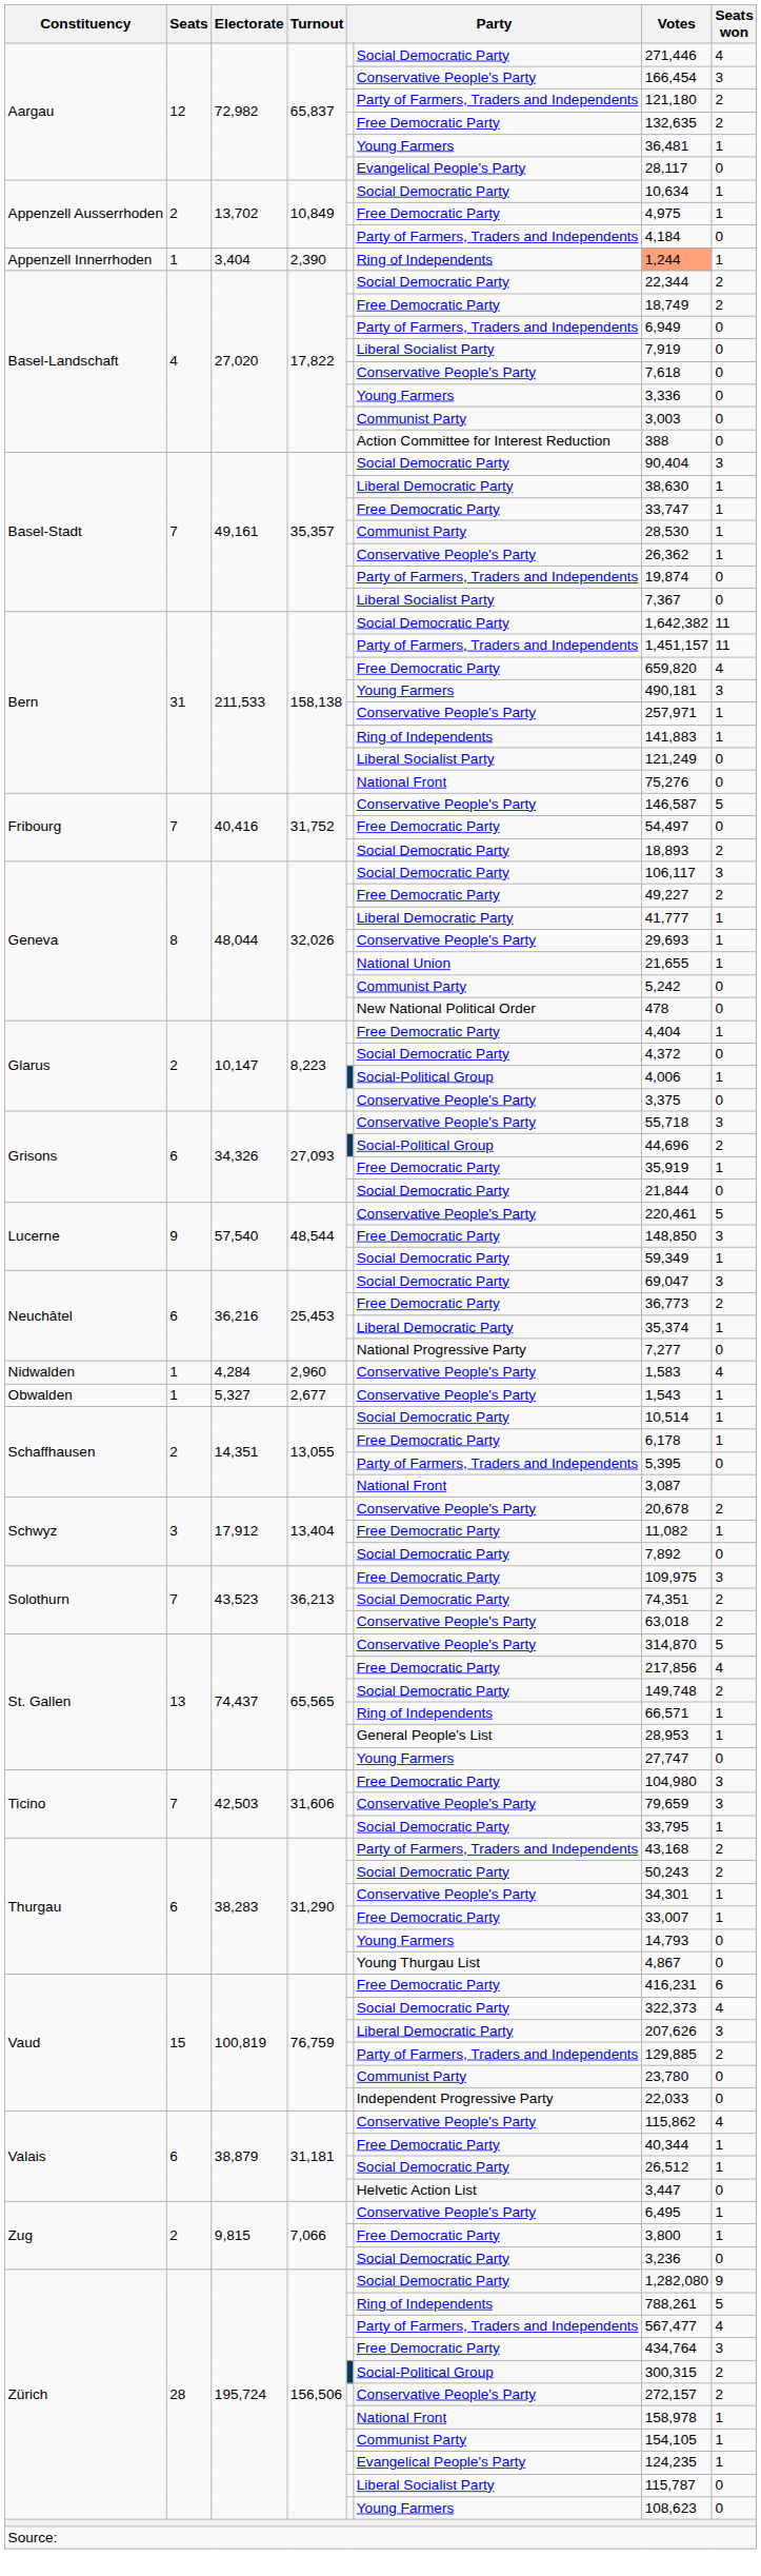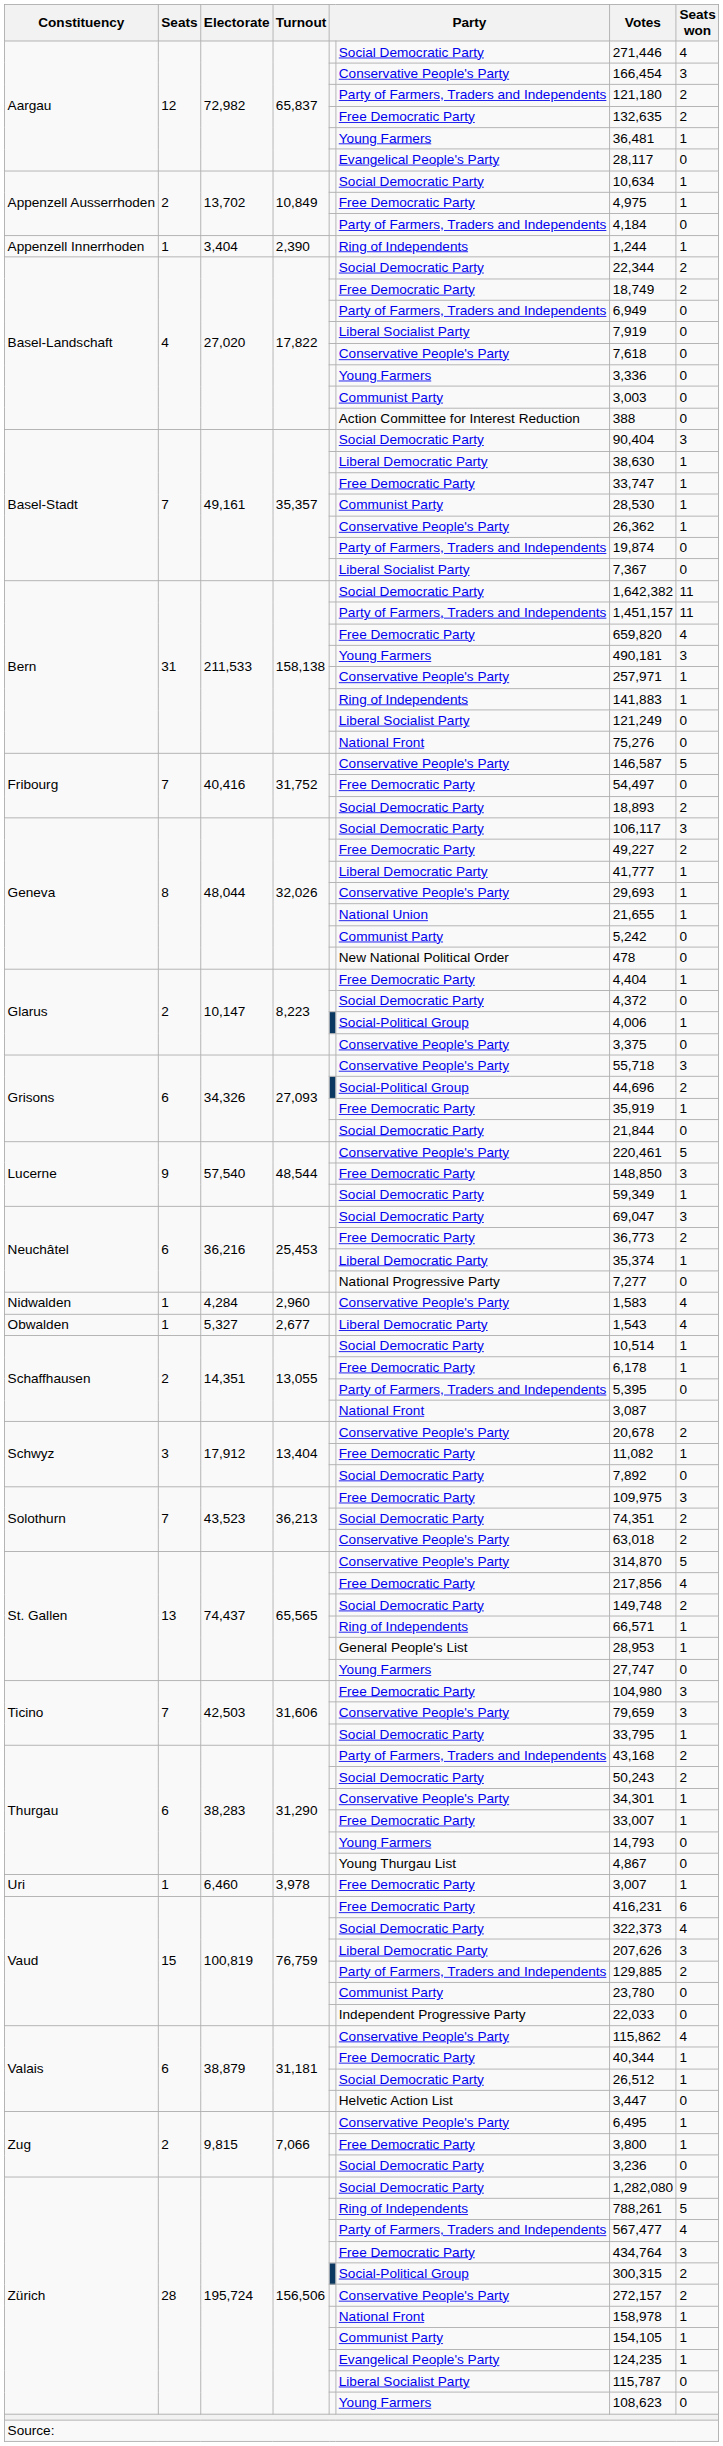 <table class="wikitable">
 <tr>
 <th>Constituency</th>
 <th>Seats</th>
 <th>Electorate</th>
 <th>Turnout</th>
 <th colspan="2">Party</th>
 <th>Votes</th>
 <th>Seats<br>won</th>
 </tr>
 <tr>
 <td rowspan="6">Aargau</td>
 <td rowspan="6">12</td>
 <td rowspan="6">72,982</td>
 <td rowspan="6">65,837</td>
 <td style="color:inherit;background:"></td>
 <td><a href='#'>Social Democratic Party</a></td>
 <td>271,446</td>
 <td>4</td>
 </tr>
 <tr>
 <td style="color:inherit;background:"></td>
 <td><a href='#'>Conservative People's Party</a></td>
 <td>166,454</td>
 <td>3</td>
 </tr>
 <tr>
 <td style="color:inherit;background:"></td>
 <td><a href='#'>Party of Farmers, Traders and Independents</a></td>
 <td>121,180</td>
 <td>2</td>
 </tr>
 <tr>
 <td style="color:inherit;background:"></td>
 <td><a href='#'>Free Democratic Party</a></td>
 <td>132,635</td>
 <td>2</td>
 </tr>
 <tr>
 <td style="color:inherit;background:"></td>
 <td><a href='#'>Young Farmers</a></td>
 <td>36,481</td>
 <td>1</td>
 </tr>
 <tr>
 <td style="color:inherit;background:"></td>
 <td><a href='#'>Evangelical People's Party</a></td>
 <td>28,117</td>
 <td>0</td>
 </tr>
 <tr>
 <td rowspan="3">Appenzell Ausserrhoden</td>
 <td rowspan="3">2</td>
 <td rowspan="3">13,702</td>
 <td rowspan="3">10,849</td>
 <td style="color:inherit;background:"></td>
 <td><a href='#'>Social Democratic Party</a></td>
 <td>10,634</td>
 <td>1</td>
 </tr>
 <tr>
 <td style="color:inherit;background:"></td>
 <td><a href='#'>Free Democratic Party</a></td>
 <td>4,975</td>
 <td>1</td>
 </tr>
 <tr>
 <td style="color:inherit;background:"></td>
 <td><a href='#'>Party of Farmers, Traders and Independents</a></td>
 <td>4,184</td>
 <td>0</td>
 </tr>
 <tr>
 <td>Appenzell Innerrhoden</td>
 <td>1</td>
 <td>3,404</td>
 <td>2,390</td>
 <td style="color:inherit;background:"></td>
 <td><a href='#'>Ring of Independents</a></td>
-<td style="background: lightsalmon;">1,244</td>
+<td>1,244</td>
 <td>1</td>
 </tr>
 <tr>
 <td rowspan="8">Basel-Landschaft</td>
 <td rowspan="8">4</td>
 <td rowspan="8">27,020</td>
 <td rowspan="8">17,822</td>
 <td style="color:inherit;background:"></td>
 <td><a href='#'>Social Democratic Party</a></td>
 <td>22,344</td>
 <td>2</td>
 </tr>
 <tr>
 <td style="color:inherit;background:"></td>
 <td><a href='#'>Free Democratic Party</a></td>
 <td>18,749</td>
 <td>2</td>
 </tr>
 <tr>
 <td style="color:inherit;background:"></td>
 <td><a href='#'>Party of Farmers, Traders and Independents</a></td>
 <td>6,949</td>
 <td>0</td>
 </tr>
 <tr>
 <td style="color:inherit;background:"></td>
 <td><a href='#'>Liberal Socialist Party</a></td>
 <td>7,919</td>
 <td>0</td>
 </tr>
 <tr>
 <td style="color:inherit;background:"></td>
 <td><a href='#'>Conservative People's Party</a></td>
 <td>7,618</td>
 <td>0</td>
 </tr>
 <tr>
 <td style="color:inherit;background:"></td>
 <td><a href='#'>Young Farmers</a></td>
 <td>3,336</td>
 <td>0</td>
 </tr>
 <tr>
 <td style="color:inherit;background:"></td>
 <td><a href='#'>Communist Party</a></td>
 <td>3,003</td>
 <td>0</td>
 </tr>
 <tr>
 <td style="color:inherit;background:"></td>
 <td>Action Committee for Interest Reduction</td>
 <td>388</td>
 <td>0</td>
 </tr>
 <tr>
 <td rowspan="7">Basel-Stadt</td>
 <td rowspan="7">7</td>
 <td rowspan="7">49,161</td>
 <td rowspan="7">35,357</td>
 <td style="color:inherit;background:"></td>
 <td><a href='#'>Social Democratic Party</a></td>
 <td>90,404</td>
 <td>3</td>
 </tr>
 <tr>
 <td style="color:inherit;background:"></td>
 <td><a href='#'>Liberal Democratic Party</a></td>
 <td>38,630</td>
 <td>1</td>
 </tr>
 <tr>
 <td style="color:inherit;background:"></td>
 <td><a href='#'>Free Democratic Party</a></td>
 <td>33,747</td>
 <td>1</td>
 </tr>
 <tr>
 <td style="color:inherit;background:"></td>
 <td><a href='#'>Communist Party</a></td>
 <td>28,530</td>
 <td>1</td>
 </tr>
 <tr>
 <td style="color:inherit;background:"></td>
 <td><a href='#'>Conservative People's Party</a></td>
 <td>26,362</td>
 <td>1</td>
 </tr>
 <tr>
 <td style="color:inherit;background:"></td>
 <td><a href='#'>Party of Farmers, Traders and Independents</a></td>
 <td>19,874</td>
 <td>0</td>
 </tr>
 <tr>
 <td style="color:inherit;background:"></td>
 <td><a href='#'>Liberal Socialist Party</a></td>
 <td>7,367</td>
 <td>0</td>
 </tr>
 <tr>
 <td rowspan="8">Bern</td>
 <td rowspan="8">31</td>
 <td rowspan="8">211,533</td>
 <td rowspan="8">158,138</td>
 <td style="color:inherit;background:"></td>
 <td><a href='#'>Social Democratic Party</a></td>
 <td>1,642,382</td>
 <td>11</td>
 </tr>
 <tr>
 <td style="color:inherit;background:"></td>
 <td><a href='#'>Party of Farmers, Traders and Independents</a></td>
 <td>1,451,157</td>
 <td>11</td>
 </tr>
 <tr>
 <td style="color:inherit;background:"></td>
 <td><a href='#'>Free Democratic Party</a></td>
 <td>659,820</td>
 <td>4</td>
 </tr>
 <tr>
 <td style="color:inherit;background:"></td>
 <td><a href='#'>Young Farmers</a></td>
 <td>490,181</td>
 <td>3</td>
 </tr>
 <tr>
 <td style="color:inherit;background:"></td>
 <td><a href='#'>Conservative People's Party</a></td>
 <td>257,971</td>
 <td>1</td>
 </tr>
 <tr>
 <td style="color:inherit;background:"></td>
 <td><a href='#'>Ring of Independents</a></td>
 <td>141,883</td>
 <td>1</td>
 </tr>
 <tr>
 <td style="color:inherit;background:"></td>
 <td><a href='#'>Liberal Socialist Party</a></td>
 <td>121,249</td>
 <td>0</td>
 </tr>
 <tr>
 <td style="color:inherit;background:"></td>
 <td><a href='#'>National Front</a></td>
 <td>75,276</td>
 <td>0</td>
 </tr>
 <tr>
 <td rowspan="3">Fribourg</td>
 <td rowspan="3">7</td>
 <td rowspan="3">40,416</td>
 <td rowspan="3">31,752</td>
 <td style="color:inherit;background:"></td>
 <td><a href='#'>Conservative People's Party</a></td>
 <td>146,587</td>
 <td>5</td>
 </tr>
 <tr>
 <td style="color:inherit;background:"></td>
 <td><a href='#'>Free Democratic Party</a></td>
 <td>54,497</td>
 <td>0</td>
 </tr>
 <tr>
 <td style="color:inherit;background:"></td>
 <td><a href='#'>Social Democratic Party</a></td>
 <td>18,893</td>
 <td>2</td>
 </tr>
 <tr>
 <td rowspan="7">Geneva</td>
 <td rowspan="7">8</td>
 <td rowspan="7">48,044</td>
 <td rowspan="7">32,026</td>
 <td style="color:inherit;background:"></td>
 <td><a href='#'>Social Democratic Party</a></td>
 <td>106,117</td>
 <td>3</td>
 </tr>
 <tr>
 <td style="color:inherit;background:"></td>
 <td><a href='#'>Free Democratic Party</a></td>
 <td>49,227</td>
 <td>2</td>
 </tr>
 <tr>
 <td style="color:inherit;background:"></td>
 <td><a href='#'>Liberal Democratic Party</a></td>
 <td>41,777</td>
 <td>1</td>
 </tr>
 <tr>
 <td style="color:inherit;background:"></td>
 <td><a href='#'>Conservative People's Party</a></td>
 <td>29,693</td>
 <td>1</td>
 </tr>
 <tr>
 <td style="color:inherit;background:"></td>
 <td><a href='#'>National Union</a></td>
 <td>21,655</td>
 <td>1</td>
 </tr>
 <tr>
 <td style="color:inherit;background:"></td>
 <td><a href='#'>Communist Party</a></td>
 <td>5,242</td>
 <td>0</td>
 </tr>
 <tr>
 <td style="color:inherit;background:"></td>
 <td>New National Political Order</td>
 <td>478</td>
 <td>0</td>
 </tr>
 <tr>
 <td rowspan="4">Glarus</td>
 <td rowspan="4">2</td>
 <td rowspan="4">10,147</td>
 <td rowspan="4">8,223</td>
 <td style="color:inherit;background:"></td>
 <td><a href='#'>Free Democratic Party</a></td>
 <td>4,404</td>
 <td>1</td>
 </tr>
 <tr>
 <td style="color:inherit;background:"></td>
 <td><a href='#'>Social Democratic Party</a></td>
 <td>4,372</td>
 <td>0</td>
 </tr>
 <tr>
 <td style="color:inherit;background:#0B3861"></td>
 <td><a href='#'>Social-Political Group</a></td>
 <td>4,006</td>
 <td>1</td>
 </tr>
 <tr>
 <td style="color:inherit;background:"></td>
 <td><a href='#'>Conservative People's Party</a></td>
 <td>3,375</td>
 <td>0</td>
 </tr>
 <tr>
 <td rowspan="4">Grisons</td>
 <td rowspan="4">6</td>
 <td rowspan="4">34,326</td>
 <td rowspan="4">27,093</td>
 <td style="color:inherit;background:"></td>
 <td><a href='#'>Conservative People's Party</a></td>
 <td>55,718</td>
 <td>3</td>
 </tr>
 <tr>
 <td style="color:inherit;background:#0B3861"></td>
 <td><a href='#'>Social-Political Group</a></td>
 <td>44,696</td>
 <td>2</td>
 </tr>
 <tr>
 <td style="color:inherit;background:"></td>
 <td><a href='#'>Free Democratic Party</a></td>
 <td>35,919</td>
 <td>1</td>
 </tr>
 <tr>
 <td style="color:inherit;background:"></td>
 <td><a href='#'>Social Democratic Party</a></td>
 <td>21,844</td>
 <td>0</td>
 </tr>
 <tr>
 <td rowspan="3">Lucerne</td>
 <td rowspan="3">9</td>
 <td rowspan="3">57,540</td>
 <td rowspan="3">48,544</td>
 <td style="color:inherit;background:"></td>
 <td><a href='#'>Conservative People's Party</a></td>
 <td>220,461</td>
 <td>5</td>
 </tr>
 <tr>
 <td style="color:inherit;background:"></td>
 <td><a href='#'>Free Democratic Party</a></td>
 <td>148,850</td>
 <td>3</td>
 </tr>
 <tr>
 <td style="color:inherit;background:"></td>
 <td><a href='#'>Social Democratic Party</a></td>
 <td>59,349</td>
 <td>1</td>
 </tr>
 <tr>
 <td rowspan="4">Neuchâtel</td>
 <td rowspan="4">6</td>
 <td rowspan="4">36,216</td>
 <td rowspan="4">25,453</td>
 <td style="color:inherit;background:"></td>
 <td><a href='#'>Social Democratic Party</a></td>
 <td>69,047</td>
 <td>3</td>
 </tr>
 <tr>
 <td style="color:inherit;background:"></td>
 <td><a href='#'>Free Democratic Party</a></td>
 <td>36,773</td>
 <td>2</td>
 </tr>
 <tr>
 <td style="color:inherit;background:"></td>
 <td><a href='#'>Liberal Democratic Party</a></td>
 <td>35,374</td>
 <td>1</td>
 </tr>
 <tr>
 <td style="color:inherit;background:"></td>
 <td>National Progressive Party</td>
 <td>7,277</td>
 <td>0</td>
 </tr>
 <tr>
 <td>Nidwalden</td>
 <td>1</td>
 <td>4,284</td>
 <td>2,960</td>
 <td style="color:inherit;background:"></td>
 <td><a href='#'>Conservative People's Party</a></td>
 <td>1,583</td>
 <td>4</td>
 </tr>
 <tr>
 <td>Obwalden</td>
 <td>1</td>
 <td>5,327</td>
 <td>2,677</td>
 <td style="color:inherit;background:"></td>
-<td><a href='#'>Conservative People's Party</a></td>
+<td><a href='#'>Liberal Democratic Party</a></td>
 <td>1,543</td>
-<td>1</td>
+<td>4</td>
 </tr>
 <tr>
 <td rowspan="4">Schaffhausen</td>
 <td rowspan="4">2</td>
 <td rowspan="4">14,351</td>
 <td rowspan="4">13,055</td>
 <td style="color:inherit;background:"></td>
 <td><a href='#'>Social Democratic Party</a></td>
 <td>10,514</td>
 <td>1</td>
 </tr>
 <tr>
 <td style="color:inherit;background:"></td>
 <td><a href='#'>Free Democratic Party</a></td>
 <td>6,178</td>
 <td>1</td>
 </tr>
 <tr>
 <td style="color:inherit;background:"></td>
 <td><a href='#'>Party of Farmers, Traders and Independents</a></td>
 <td>5,395</td>
 <td>0</td>
 </tr>
 <tr>
 <td style="color:inherit;background:"></td>
 <td><a href='#'>National Front</a></td>
 <td>3,087</td>
 <td></td>
 </tr>
 <tr>
 <td rowspan="3">Schwyz</td>
 <td rowspan="3">3</td>
 <td rowspan="3">17,912</td>
 <td rowspan="3">13,404</td>
 <td style="color:inherit;background:"></td>
 <td><a href='#'>Conservative People's Party</a></td>
 <td>20,678</td>
 <td>2</td>
 </tr>
 <tr>
 <td style="color:inherit;background:"></td>
 <td><a href='#'>Free Democratic Party</a></td>
 <td>11,082</td>
 <td>1</td>
 </tr>
 <tr>
 <td style="color:inherit;background:"></td>
 <td><a href='#'>Social Democratic Party</a></td>
 <td>7,892</td>
 <td>0</td>
 </tr>
 <tr>
 <td rowspan="3">Solothurn</td>
 <td rowspan="3">7</td>
 <td rowspan="3">43,523</td>
 <td rowspan="3">36,213</td>
 <td style="color:inherit;background:"></td>
 <td><a href='#'>Free Democratic Party</a></td>
 <td>109,975</td>
 <td>3</td>
 </tr>
 <tr>
 <td style="color:inherit;background:"></td>
 <td><a href='#'>Social Democratic Party</a></td>
 <td>74,351</td>
 <td>2</td>
 </tr>
 <tr>
 <td style="color:inherit;background:"></td>
 <td><a href='#'>Conservative People's Party</a></td>
 <td>63,018</td>
 <td>2</td>
 </tr>
 <tr>
 <td rowspan="6">St. Gallen</td>
 <td rowspan="6">13</td>
 <td rowspan="6">74,437</td>
 <td rowspan="6">65,565</td>
 <td style="color:inherit;background:"></td>
 <td><a href='#'>Conservative People's Party</a></td>
 <td>314,870</td>
 <td>5</td>
 </tr>
 <tr>
 <td style="color:inherit;background:"></td>
 <td><a href='#'>Free Democratic Party</a></td>
 <td>217,856</td>
 <td>4</td>
 </tr>
 <tr>
 <td style="color:inherit;background:"></td>
 <td><a href='#'>Social Democratic Party</a></td>
 <td>149,748</td>
 <td>2</td>
 </tr>
 <tr>
 <td style="color:inherit;background:"></td>
 <td><a href='#'>Ring of Independents</a></td>
 <td>66,571</td>
 <td>1</td>
 </tr>
 <tr>
 <td style="color:inherit;background:"></td>
 <td>General People's List</td>
 <td>28,953</td>
 <td>1</td>
 </tr>
 <tr>
 <td style="color:inherit;background:"></td>
 <td><a href='#'>Young Farmers</a></td>
 <td>27,747</td>
 <td>0</td>
 </tr>
 <tr>
 <td rowspan="3">Ticino</td>
 <td rowspan="3">7</td>
 <td rowspan="3">42,503</td>
 <td rowspan="3">31,606</td>
 <td style="color:inherit;background:"></td>
 <td><a href='#'>Free Democratic Party</a></td>
 <td>104,980</td>
 <td>3</td>
 </tr>
 <tr>
 <td style="color:inherit;background:"></td>
 <td><a href='#'>Conservative People's Party</a></td>
 <td>79,659</td>
 <td>3</td>
 </tr>
 <tr>
 <td style="color:inherit;background:"></td>
 <td><a href='#'>Social Democratic Party</a></td>
 <td>33,795</td>
 <td>1</td>
 </tr>
 <tr>
 <td rowspan="6">Thurgau</td>
 <td rowspan="6">6</td>
 <td rowspan="6">38,283</td>
 <td rowspan="6">31,290</td>
 <td style="color:inherit;background:"></td>
 <td><a href='#'>Party of Farmers, Traders and Independents</a></td>
 <td>43,168</td>
 <td>2</td>
 </tr>
 <tr>
 <td style="color:inherit;background:"></td>
 <td><a href='#'>Social Democratic Party</a></td>
 <td>50,243</td>
 <td>2</td>
 </tr>
 <tr>
 <td style="color:inherit;background:"></td>
 <td><a href='#'>Conservative People's Party</a></td>
 <td>34,301</td>
 <td>1</td>
 </tr>
 <tr>
 <td style="color:inherit;background:"></td>
 <td><a href='#'>Free Democratic Party</a></td>
 <td>33,007</td>
 <td>1</td>
 </tr>
 <tr>
 <td style="color:inherit;background:"></td>
 <td><a href='#'>Young Farmers</a></td>
 <td>14,793</td>
 <td>0</td>
 </tr>
 <tr>
 <td style="color:inherit;background:"></td>
 <td>Young Thurgau List</td>
 <td>4,867</td>
 <td>0</td>
 </tr>
 <tr>
+<td>Uri</td>
+<td>1</td>
+<td>6,460</td>
+<td>3,978</td>
+<td style="color:inherit;background:"></td>
+<td><a href='#'>Free Democratic Party</a></td>
+<td>3,007</td>
+<td>1</td>
+</tr>
+<tr>
 <td rowspan="6">Vaud</td>
 <td rowspan="6">15</td>
 <td rowspan="6">100,819</td>
 <td rowspan="6">76,759</td>
 <td style="color:inherit;background:"></td>
 <td><a href='#'>Free Democratic Party</a></td>
 <td>416,231</td>
 <td>6</td>
 </tr>
 <tr>
 <td style="color:inherit;background:"></td>
 <td><a href='#'>Social Democratic Party</a></td>
 <td>322,373</td>
 <td>4</td>
 </tr>
 <tr>
 <td style="color:inherit;background:"></td>
 <td><a href='#'>Liberal Democratic Party</a></td>
 <td>207,626</td>
 <td>3</td>
 </tr>
 <tr>
 <td style="color:inherit;background:"></td>
 <td><a href='#'>Party of Farmers, Traders and Independents</a></td>
 <td>129,885</td>
 <td>2</td>
 </tr>
 <tr>
 <td style="color:inherit;background:"></td>
 <td><a href='#'>Communist Party</a></td>
 <td>23,780</td>
 <td>0</td>
 </tr>
 <tr>
 <td style="color:inherit;background:"></td>
 <td>Independent Progressive Party</td>
 <td>22,033</td>
 <td>0</td>
 </tr>
 <tr>
 <td rowspan="4">Valais</td>
 <td rowspan="4">6</td>
 <td rowspan="4">38,879</td>
 <td rowspan="4">31,181</td>
 <td style="color:inherit;background:"></td>
 <td><a href='#'>Conservative People's Party</a></td>
 <td>115,862</td>
 <td>4</td>
 </tr>
 <tr>
 <td style="color:inherit;background:"></td>
 <td><a href='#'>Free Democratic Party</a></td>
 <td>40,344</td>
 <td>1</td>
 </tr>
 <tr>
 <td style="color:inherit;background:"></td>
 <td><a href='#'>Social Democratic Party</a></td>
 <td>26,512</td>
 <td>1</td>
 </tr>
 <tr>
 <td style="color:inherit;background:"></td>
 <td>Helvetic Action List</td>
 <td>3,447</td>
 <td>0</td>
 </tr>
 <tr>
 <td rowspan="3">Zug</td>
 <td rowspan="3">2</td>
 <td rowspan="3">9,815</td>
 <td rowspan="3">7,066</td>
 <td style="color:inherit;background:"></td>
 <td><a href='#'>Conservative People's Party</a></td>
 <td>6,495</td>
 <td>1</td>
 </tr>
 <tr>
 <td style="color:inherit;background:"></td>
 <td><a href='#'>Free Democratic Party</a></td>
 <td>3,800</td>
 <td>1</td>
 </tr>
 <tr>
 <td style="color:inherit;background:"></td>
 <td><a href='#'>Social Democratic Party</a></td>
 <td>3,236</td>
 <td>0</td>
 </tr>
 <tr>
 <td rowspan="11">Zürich</td>
 <td rowspan="11">28</td>
 <td rowspan="11">195,724</td>
 <td rowspan="11">156,506</td>
 <td style="color:inherit;background:"></td>
 <td><a href='#'>Social Democratic Party</a></td>
 <td>1,282,080</td>
 <td>9</td>
 </tr>
 <tr>
 <td style="color:inherit;background:"></td>
 <td><a href='#'>Ring of Independents</a></td>
 <td>788,261</td>
 <td>5</td>
 </tr>
 <tr>
 <td style="color:inherit;background:"></td>
 <td><a href='#'>Party of Farmers, Traders and Independents</a></td>
 <td>567,477</td>
 <td>4</td>
 </tr>
 <tr>
 <td style="color:inherit;background:"></td>
 <td><a href='#'>Free Democratic Party</a></td>
 <td>434,764</td>
 <td>3</td>
 </tr>
 <tr>
 <td style="color:inherit;background:#0B3861"></td>
 <td><a href='#'>Social-Political Group</a></td>
 <td>300,315</td>
 <td>2</td>
 </tr>
 <tr>
 <td style="color:inherit;background:"></td>
 <td><a href='#'>Conservative People's Party</a></td>
 <td>272,157</td>
 <td>2</td>
 </tr>
 <tr>
 <td style="color:inherit;background:"></td>
 <td><a href='#'>National Front</a></td>
 <td>158,978</td>
 <td>1</td>
 </tr>
 <tr>
 <td style="color:inherit;background:"></td>
 <td><a href='#'>Communist Party</a></td>
 <td>154,105</td>
 <td>1</td>
 </tr>
 <tr>
 <td style="color:inherit;background:"></td>
 <td><a href='#'>Evangelical People's Party</a></td>
 <td>124,235</td>
 <td>1</td>
 </tr>
 <tr>
 <td style="color:inherit;background:"></td>
 <td><a href='#'>Liberal Socialist Party</a></td>
 <td>115,787</td>
 <td>0</td>
 </tr>
 <tr>
 <td style="color:inherit;background:"></td>
 <td><a href='#'>Young Farmers</a></td>
 <td>108,623</td>
 <td>0</td>
 </tr>
 <tr>
 <th colspan="8"></th>
 </tr>
 <tr>
 <td colspan="8">Source: </td>
 </tr>
 </table>
